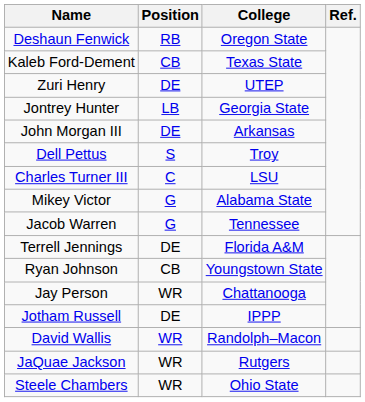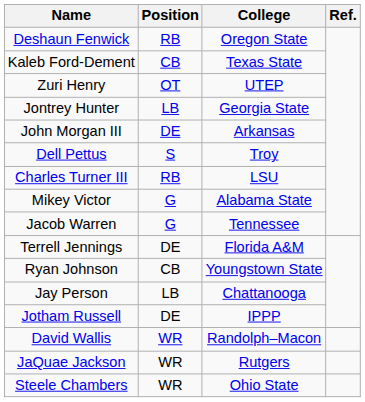 <table class="wikitable" style="text-align:center">
 <tr>
 <th>Name</th>
 <th>Position</th>
 <th>College</th>
 <th>Ref.</th>
 </tr>
 <tr>
 <td><a href='#'>Deshaun Fenwick</a></td>
 <td><a href='#'>RB</a></td>
 <td><a href='#'>Oregon State</a></td>
 <td rowspan="9"></td>
 </tr>
 <tr>
 <td>Kaleb Ford-Dement</td>
 <td><a href='#'>CB</a></td>
 <td><a href='#'>Texas State</a></td>
 </tr>
 <tr>
 <td>Zuri Henry</td>
-<td><a href='#'>DE</a></td>
+<td><a href='#'>OT</a></td>
 <td><a href='#'>UTEP</a></td>
 </tr>
 <tr>
 <td>Jontrey Hunter</td>
 <td><a href='#'>LB</a></td>
 <td><a href='#'>Georgia State</a></td>
 </tr>
 <tr>
 <td>John Morgan III</td>
 <td><a href='#'>DE</a></td>
 <td><a href='#'>Arkansas</a></td>
 </tr>
 <tr>
 <td><a href='#'>Dell Pettus</a></td>
 <td><a href='#'>S</a></td>
 <td><a href='#'>Troy</a></td>
 </tr>
 <tr>
 <td><a href='#'>Charles Turner III</a></td>
-<td><a href='#'>C</a></td>
+<td><a href='#'>RB</a></td>
 <td><a href='#'>LSU</a></td>
 </tr>
 <tr>
 <td>Mikey Victor</td>
 <td><a href='#'>G</a></td>
 <td><a href='#'>Alabama State</a></td>
 </tr>
 <tr>
 <td>Jacob Warren</td>
 <td><a href='#'>G</a></td>
 <td><a href='#'>Tennessee</a></td>
 </tr>
 <tr>
 <td>Terrell Jennings</td>
 <td>DE</td>
 <td><a href='#'>Florida A&M</a></td>
 <td rowspan="4"></td>
 </tr>
 <tr>
 <td>Ryan Johnson</td>
 <td>CB</td>
 <td><a href='#'>Youngstown State</a></td>
 </tr>
 <tr>
 <td>Jay Person</td>
-<td>WR</td>
+<td>LB</td>
 <td><a href='#'>Chattanooga</a></td>
 </tr>
 <tr>
 <td><a href='#'>Jotham Russell</a></td>
 <td>DE</td>
 <td><a href='#'>IPPP</a></td>
 </tr>
 <tr>
 <td><a href='#'>David Wallis</a></td>
 <td><a href='#'>WR</a></td>
 <td><a href='#'>Randolph–Macon</a></td>
 <td></td>
 </tr>
 <tr>
 <td><a href='#'>JaQuae Jackson</a></td>
 <td>WR</td>
 <td><a href='#'>Rutgers</a></td>
 <td></td>
 </tr>
 <tr>
 <td><a href='#'>Steele Chambers</a></td>
 <td>WR</td>
 <td><a href='#'>Ohio State</a></td>
 <td></td>
 </tr>
 </table>
